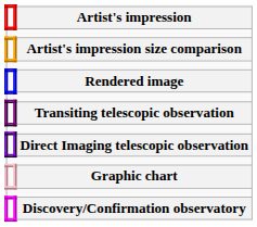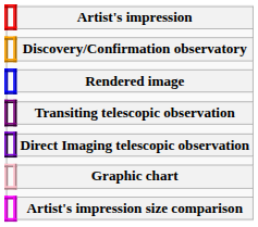 <table class="wikitable">
 <tr>
 <td style="border:4px ridge red;"></td>
 <th>Artist's impression</th>
 </tr>
 <tr>
 <td colspan="2"></td>
 </tr>
 <tr>
 <td style="border:4px ridge orange;"></td>
-<th>Artist's impression size comparison</th>
+<th>Discovery/Confirmation observatory</th>
 </tr>
 <tr>
 <td colspan="2"></td>
 </tr>
 <tr>
 <td style="border:4px ridge blue;"></td>
 <th>Rendered image</th>
 </tr>
 <tr>
 <td colspan="2"></td>
 </tr>
 <tr>
 <td style="border:4px ridge purple;"></td>
 <th>Transiting telescopic observation</th>
 </tr>
 <tr>
 <td colspan="2"></td>
 </tr>
 <tr>
 <td style="border:4px ridge indigo;"></td>
 <th>Direct Imaging telescopic observation</th>
 </tr>
 <tr>
 <td colspan="2"></td>
 </tr>
 <tr>
 <td style="border:4px ridge pink;"></td>
 <th>Graphic chart</th>
 </tr>
 <tr>
 <td colspan="2"></td>
 </tr>
 <tr>
 <td style="border:4px ridge magenta;"></td>
-<th>Discovery/Confirmation observatory</th>
+<th>Artist's impression size comparison</th>
 </tr>
 </table>
